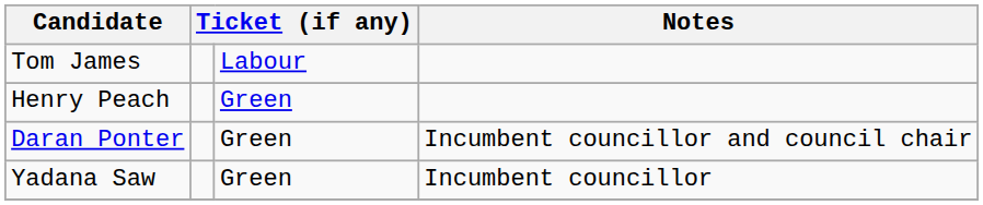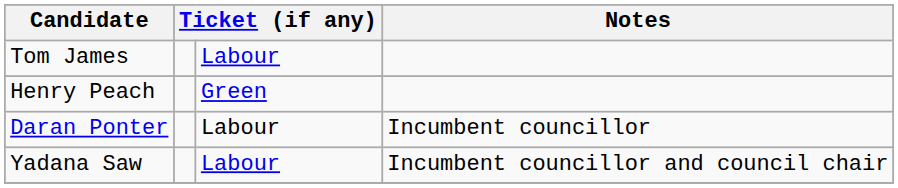 <table class="wikitable" style="font-size: 95%">
 <tr>
 <th>Candidate</th>
 <th colspan=2><a href='#'>Ticket</a> (if any)</th>
 <th>Notes</th>
 </tr>
 <tr>
 <td>Tom James</td>
 <td style="background-color:"></td>
 <td><a href='#'>Labour</a></td>
 <td></td>
 </tr>
 <tr>
 <td>Henry Peach</td>
 <td style="background-color:"></td>
 <td><a href='#'>Green</a></td>
 <td></td>
 </tr>
 <tr>
 <td><a href='#'>Daran Ponter</a></td>
 <td style="background-color:"></td>
-<td>Green</td>
-<td>Incumbent councillor and council chair</td>
+<td>Labour</td>
+<td>Incumbent councillor</td>
 </tr>
 <tr>
 <td>Yadana Saw</td>
 <td style="background-color:"></td>
-<td>Green</td>
-<td>Incumbent councillor</td>
+<td><a href='#'>Labour</a></td>
+<td>Incumbent councillor and council chair</td>
 </tr>
 <tr>
 </tr>
 </table>
